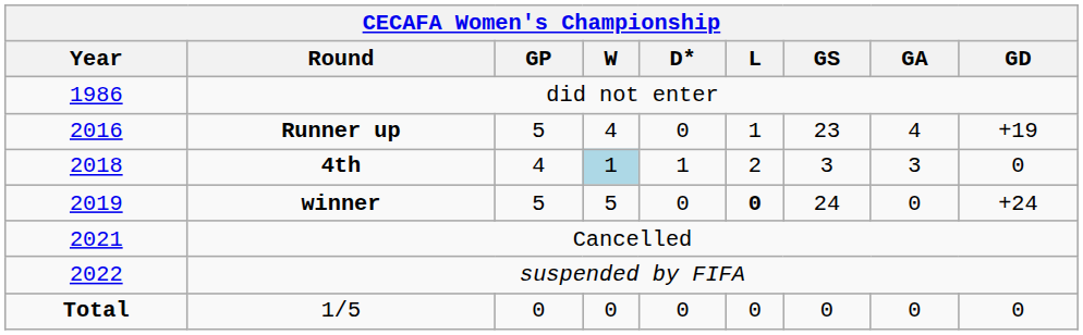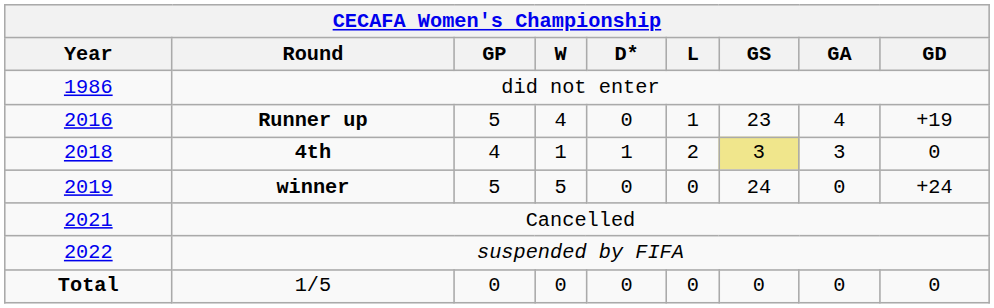 <table class="wikitable" style="text-align: center; width:50%;">
 <tr>
 <th colspan=10><a href='#'>CECAFA Women's Championship</a></th>
 </tr>
 <tr>
 <th>Year</th>
 <th>Round</th>
 <th>GP</th>
 <th>W</th>
 <th>D*</th>
 <th>L</th>
 <th>GS</th>
 <th>GA</th>
 <th>GD</th>
 </tr>
 <tr>
 <td> <a href='#'>1986</a></td>
 <td colspan=8 rowsspan=3>did not enter</td>
 </tr>
 <tr>
 <td> <a href='#'>2016</a></td>
 <td><strong>Runner up</strong></td>
 <td>5</td>
 <td>4</td>
 <td>0</td>
 <td>1</td>
 <td>23</td>
 <td>4</td>
 <td>+19</td>
 </tr>
 <tr>
 <td> <a href='#'>2018</a></td>
 <td><strong>4th</strong></td>
 <td>4</td>
-<td style="background: lightblue;">1</td>
+<td>1</td>
 <td>1</td>
 <td>2</td>
-<td>3</td>
+<td style="background: khaki;">3</td>
 <td>3</td>
 <td>0</td>
 </tr>
 <tr>
 <td> <a href='#'>2019</a></td>
 <td><strong>winner</strong></td>
 <td>5</td>
 <td>5</td>
 <td>0</td>
-<td><strong>0</strong></td>
+<td>0</td>
 <td>24</td>
 <td>0</td>
 <td>+24</td>
 </tr>
 <tr>
 <td> <a href='#'>2021</a></td>
 <td colspan=8>Cancelled</td>
 </tr>
 <tr>
 <td> <a href='#'>2022</a></td>
 <td colspan=8><em>suspended by FIFA</em></td>
 </tr>
 <tr>
 <td><strong>Total</strong></td>
 <td>1/5</td>
 <td>0</td>
 <td>0</td>
 <td>0</td>
 <td>0</td>
 <td>0</td>
 <td>0</td>
 <td>0</td>
 </tr>
 </table>
